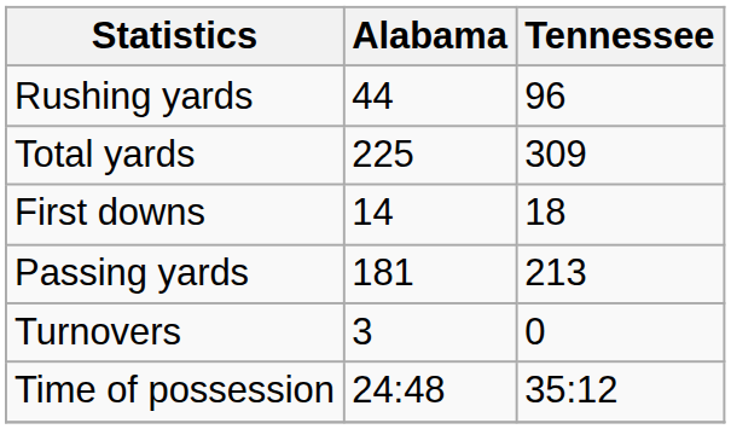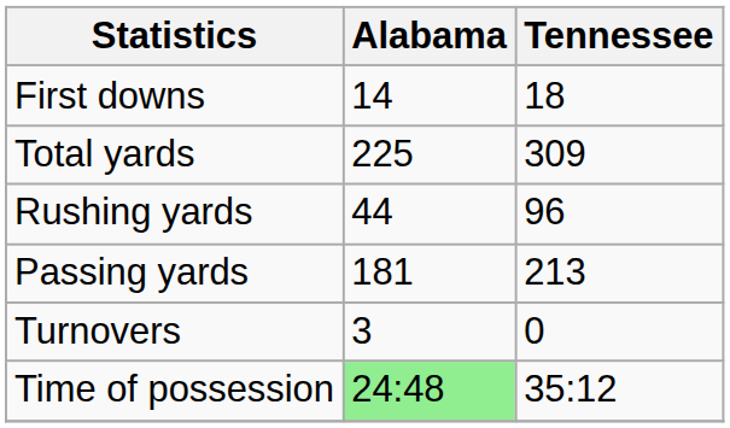 <table class="wikitable" style="float: left;">
 <tr>
 <th>Statistics</th>
 <th>Alabama</th>
 <th>Tennessee</th>
 </tr>
 <tr>
-<td>Rushing yards</td>
-<td>44</td>
-<td>96</td>
+<td>First downs</td>
+<td>14</td>
+<td>18</td>
 </tr>
 <tr>
 <td>Total yards</td>
 <td>225</td>
 <td>309</td>
 </tr>
 <tr>
-<td>First downs</td>
-<td>14</td>
-<td>18</td>
+<td>Rushing yards</td>
+<td>44</td>
+<td>96</td>
 </tr>
 <tr>
 <td>Passing yards</td>
 <td>181</td>
 <td>213</td>
 </tr>
 <tr>
 <td>Turnovers</td>
 <td>3</td>
 <td>0</td>
 </tr>
 <tr>
 <td>Time of possession</td>
-<td>24:48</td>
+<td style="background: lightgreen;">24:48</td>
 <td>35:12</td>
 </tr>
 <tr>
 </tr>
 </table>
